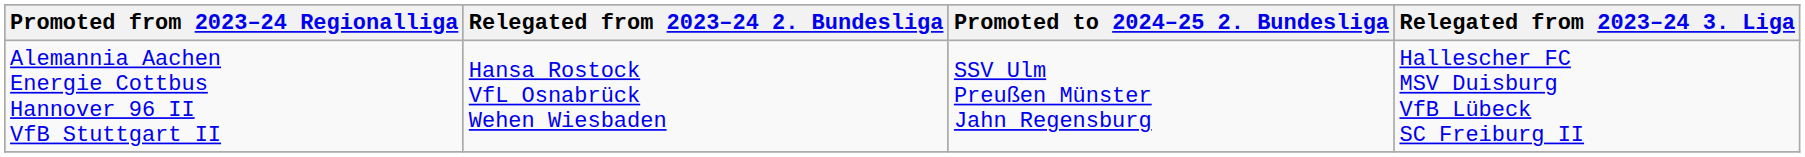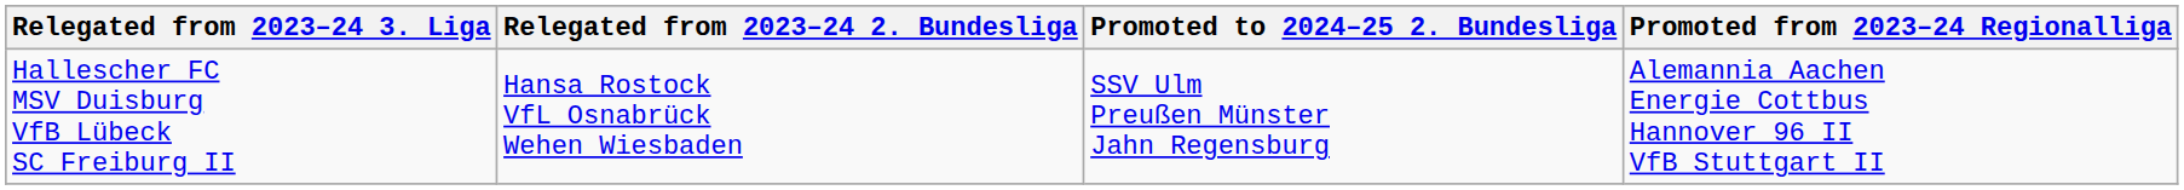 <table class="wikitable">
 <tr>
-<th>Promoted from <a href='#'>2023–24 Regionalliga</a></th>
+<th>Relegated from <a href='#'>2023–24 3. Liga</a></th>
 <th>Relegated from <a href='#'>2023–24 2. Bundesliga</a></th>
 <th>Promoted to <a href='#'>2024–25 2. Bundesliga</a></th>
-<th>Relegated from <a href='#'>2023–24 3. Liga</a></th>
+<th>Promoted from <a href='#'>2023–24 Regionalliga</a></th>
 </tr>
 <tr>
-<td><a href='#'>Alemannia Aachen</a><br><a href='#'>Energie Cottbus</a><br><a href='#'>Hannover 96 II</a><br><a href='#'>VfB Stuttgart II</a></td>
+<td><a href='#'>Hallescher FC</a><br><a href='#'>MSV Duisburg</a><br><a href='#'>VfB Lübeck</a><br><a href='#'>SC Freiburg II</a></td>
 <td><a href='#'>Hansa Rostock</a><br><a href='#'>VfL Osnabrück</a><br><a href='#'>Wehen Wiesbaden</a></td>
 <td><a href='#'>SSV Ulm</a><br><a href='#'>Preußen Münster</a><br><a href='#'>Jahn Regensburg</a></td>
-<td><a href='#'>Hallescher FC</a><br><a href='#'>MSV Duisburg</a><br><a href='#'>VfB Lübeck</a><br><a href='#'>SC Freiburg II</a></td>
+<td><a href='#'>Alemannia Aachen</a><br><a href='#'>Energie Cottbus</a><br><a href='#'>Hannover 96 II</a><br><a href='#'>VfB Stuttgart II</a></td>
 </tr>
 </table>
